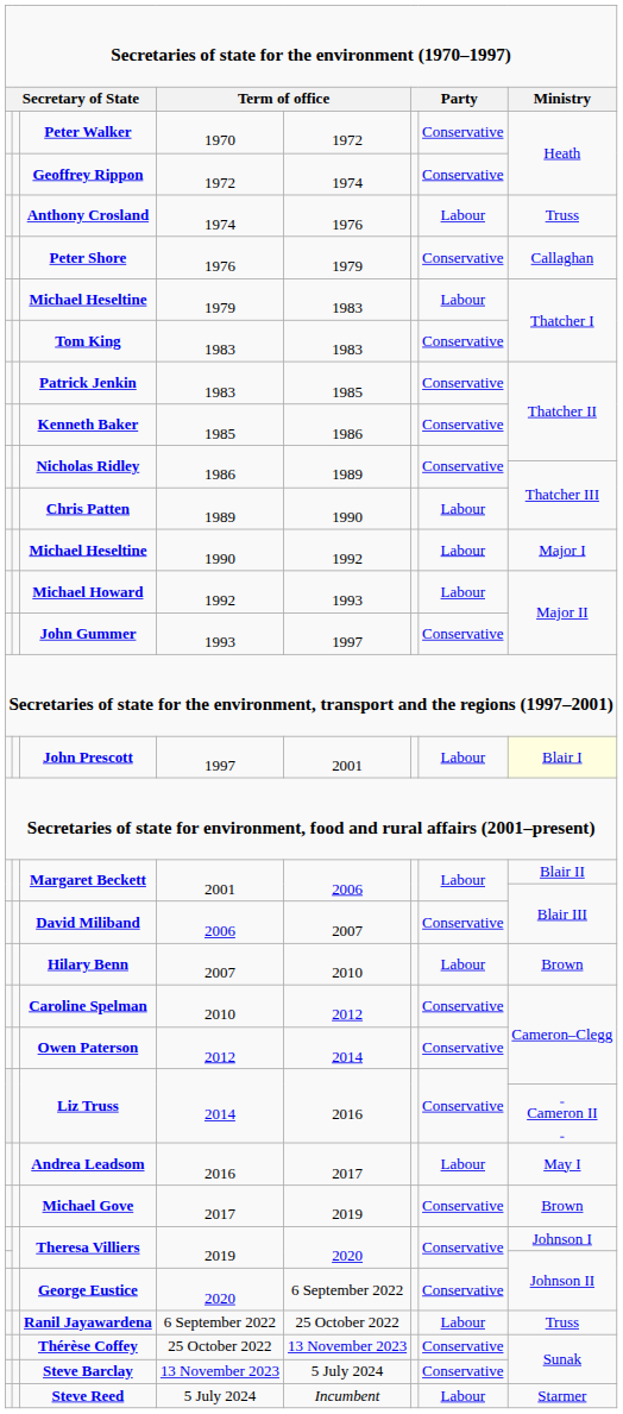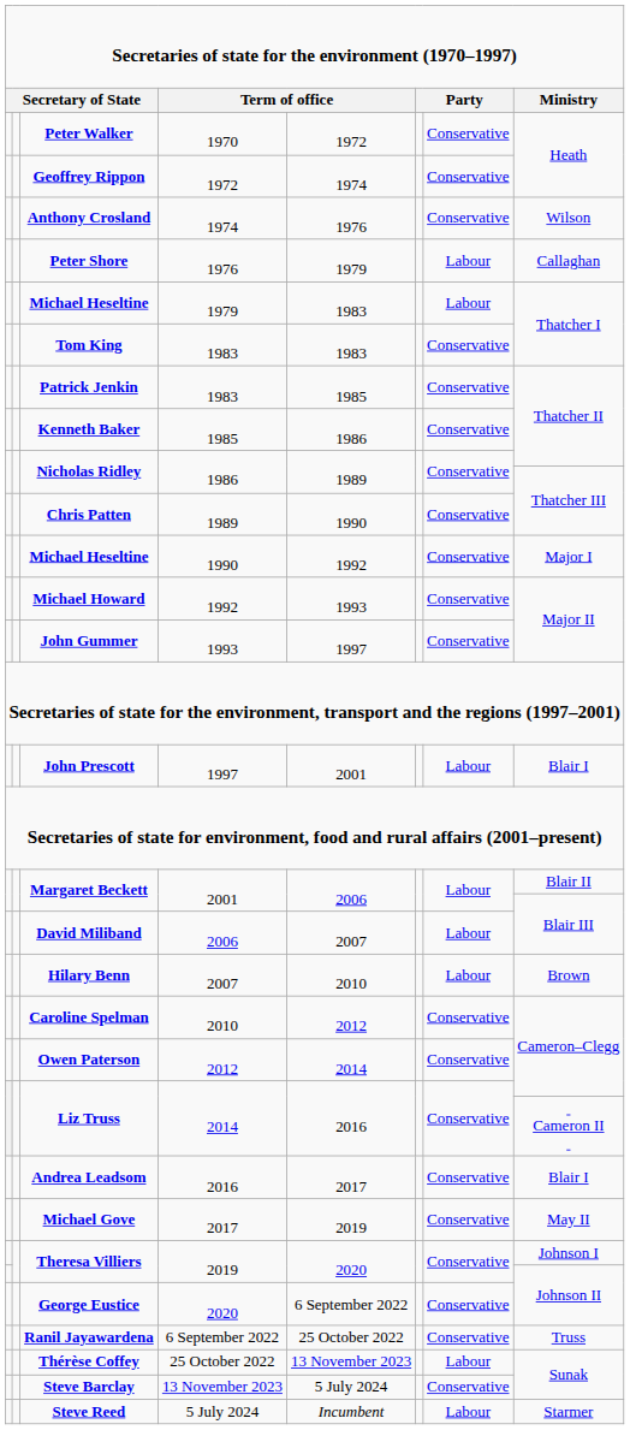 <table class="wikitable" style="text-align:center">
 <tr>
 <td colspan=9><br><h3>Secretaries of state for the environment (1970–1997)</h3></td>
 </tr>
 <tr>
 <th colspan=3>Secretary of State</th>
 <th colspan=2>Term of office</th>
 <th colspan=2>Party</th>
 <th>Ministry</th>
 </tr>
 <tr style="height:1em">
 <td style="background-color: "></td>
 <td></td>
 <td><a href='#'><strong>Peter Walker</strong></a><br></td>
 <td><br>1970</td>
 <td><br>1972</td>
 <td style="background-color: "></td>
 <td><a href='#'>Conservative</a></td>
 <td rowspan=2><a href='#'>Heath</a></td>
 </tr>
 <tr style="height:1em">
 <td style="background-color: "></td>
 <td></td>
 <td><strong><a href='#'>Geoffrey Rippon</a></strong><br></td>
 <td><br>1972</td>
 <td><br>1974</td>
 <td style="background-color: "></td>
 <td><a href='#'>Conservative</a></td>
 </tr>
 <tr style="height:1em">
 <td style="background-color: "></td>
 <td></td>
 <td><strong><a href='#'>Anthony Crosland</a></strong><br></td>
 <td><br>1974</td>
 <td><br>1976</td>
 <td style="background-color: "></td>
-<td><a href='#'>Labour</a></td>
-<td><a href='#'>Truss</a></td>
+<td><a href='#'>Conservative</a></td>
+<td><a href='#'>Wilson<br></a></td>
 </tr>
 <tr style="height:1em">
 <td style="background-color: "></td>
 <td></td>
 <td><strong><a href='#'>Peter Shore</a></strong><br></td>
 <td><br>1976</td>
 <td><br>1979</td>
 <td style="background-color: "></td>
-<td><a href='#'>Conservative</a></td>
+<td><a href='#'>Labour</a></td>
 <td><a href='#'>Callaghan</a></td>
 </tr>
 <tr style="height:1em">
 <td style="background-color: "></td>
 <td></td>
 <td><strong><a href='#'>Michael Heseltine</a></strong><br></td>
 <td><br>1979</td>
 <td><br>1983</td>
 <td style="background-color: "></td>
 <td><a href='#'>Labour</a></td>
 <td rowspan=2><a href='#'>Thatcher I</a></td>
 </tr>
 <tr style="height:1em">
 <td style="background-color: "></td>
 <td></td>
 <td><strong><a href='#'>Tom King</a></strong><br></td>
 <td><br>1983</td>
 <td><br>1983</td>
 <td style="background-color: "></td>
 <td><a href='#'>Conservative</a></td>
 </tr>
 <tr style="height:1em">
 <td style="background-color: "></td>
 <td></td>
 <td><strong><a href='#'>Patrick Jenkin</a></strong><br></td>
 <td><br>1983</td>
 <td><br>1985</td>
 <td style="background-color: "></td>
 <td><a href='#'>Conservative</a></td>
 <td rowspan=3><a href='#'>Thatcher II</a></td>
 </tr>
 <tr style="height:1em">
 <td style="background-color: "></td>
 <td></td>
 <td><strong><a href='#'>Kenneth Baker</a></strong><br></td>
 <td><br>1985</td>
 <td><br>1986</td>
 <td style="background-color: "></td>
 <td><a href='#'>Conservative</a></td>
 </tr>
 <tr style="height:1em">
 <td rowspan=2 style="background-color: "></td>
 <td rowspan=2></td>
 <td rowspan=2><strong><a href='#'>Nicholas Ridley</a></strong><br></td>
 <td rowspan=2><br>1986</td>
 <td rowspan=2><br>1989</td>
 <td rowspan=2 style="background-color: "></td>
 <td rowspan=2><a href='#'>Conservative</a></td>
 </tr>
 <tr style="height:1em">
 <td rowspan=2><a href='#'>Thatcher III</a></td>
 </tr>
 <tr style="height:1em">
 <td style="background-color: "></td>
 <td></td>
 <td><strong><a href='#'>Chris Patten</a></strong><br></td>
 <td><br>1989</td>
 <td><br>1990</td>
 <td style="background-color: "></td>
-<td><a href='#'>Labour</a></td>
+<td><a href='#'>Conservative</a></td>
 </tr>
 <tr style="height:1em">
 <td style="background-color: "></td>
 <td></td>
 <td><strong><a href='#'>Michael Heseltine</a></strong><br></td>
 <td><br>1990</td>
 <td><br>1992</td>
 <td style="background-color: "></td>
-<td><a href='#'>Labour</a></td>
+<td><a href='#'>Conservative</a></td>
 <td><a href='#'>Major I</a></td>
 </tr>
 <tr style="height:1em">
 <td style="background-color: "></td>
 <td></td>
 <td><strong><a href='#'>Michael Howard</a></strong><br></td>
 <td><br>1992</td>
 <td><br>1993</td>
 <td style="background-color: "></td>
-<td><a href='#'>Labour</a></td>
+<td><a href='#'>Conservative</a></td>
 <td rowspan=2><a href='#'>Major II</a></td>
 </tr>
 <tr style="height:1em">
 <td style="background-color: "></td>
 <td></td>
 <td><strong><a href='#'>John Gummer</a></strong><br></td>
 <td><br>1993</td>
 <td><br>1997</td>
 <td style="background-color: "></td>
 <td><a href='#'>Conservative</a></td>
 </tr>
 <tr>
 <td colspan=9><br><h3>Secretaries of state for the environment, transport and the regions (1997–2001)</h3></td>
 </tr>
 <tr style="height:1em">
 <td style="background-color: "></td>
 <td></td>
 <td><strong><a href='#'>John Prescott</a></strong><br></td>
 <td><br>1997</td>
 <td><br>2001</td>
 <td style="background-color: "></td>
 <td><a href='#'>Labour</a></td>
-<td style="background: lightyellow;"><a href='#'>Blair I</a></td>
+<td><a href='#'>Blair I</a></td>
 </tr>
 <tr>
 <td colspan=9><br><h3>Secretaries of state for environment, food and rural affairs (2001–present)</h3></td>
 </tr>
 <tr style="height:1em">
 <td rowspan=2 style="background-color: "></td>
 <td rowspan=2></td>
 <td rowspan=2><strong><a href='#'>Margaret Beckett</a></strong><br></td>
 <td rowspan=2><br>2001</td>
 <td rowspan=2><a href='#'><br>2006</a></td>
 <td rowspan=2 style="background-color: "></td>
 <td rowspan=2><a href='#'>Labour</a></td>
 <td><a href='#'>Blair II</a></td>
 </tr>
 <tr style="height:1em">
 <td rowspan=2><a href='#'>Blair III</a></td>
 </tr>
 <tr style="height:1em">
 <td style="background-color: "></td>
 <td></td>
 <td><strong><a href='#'>David Miliband</a></strong><br></td>
 <td><a href='#'><br>2006</a></td>
 <td><br>2007</td>
 <td style="background-color: "></td>
-<td><a href='#'>Conservative</a></td>
+<td><a href='#'>Labour</a></td>
 </tr>
 <tr style="height:1em">
 <td style="background-color: "></td>
 <td></td>
 <td><strong><a href='#'>Hilary Benn</a></strong><br></td>
 <td><br>2007</td>
 <td><br>2010</td>
 <td style="background-color: "></td>
 <td><a href='#'>Labour</a></td>
 <td><a href='#'>Brown</a></td>
 </tr>
 <tr style="height:1em">
 <td style="background-color: "></td>
 <td></td>
 <td><strong><a href='#'>Caroline Spelman</a></strong><br></td>
 <td><br>2010</td>
 <td><a href='#'><br>2012</a></td>
 <td style="background-color: "></td>
 <td><a href='#'>Conservative</a></td>
 <td rowspan=3><a href='#'>Cameron–Clegg</a><br></td>
 </tr>
 <tr style="height:1em">
 <td style="background-color: "></td>
 <td></td>
 <td><strong><a href='#'>Owen Paterson</a></strong><br></td>
 <td><a href='#'><br>2012</a></td>
 <td><a href='#'><br>2014</a></td>
 <td style="background-color: "></td>
 <td><a href='#'>Conservative</a></td>
 </tr>
 <tr style="height:1em">
 <th rowspan=2 style="background-color: "></th>
 <td rowspan=2></td>
 <td rowspan=2><strong><a href='#'>Liz Truss</a></strong><br></td>
 <td rowspan=2><a href='#'><br>2014</a></td>
 <td rowspan=2><br>2016</td>
 <td rowspan=2 style="background-color: "></td>
 <td rowspan=2><a href='#'>Conservative</a></td>
 </tr>
 <tr style="height:1em">
 <td><a href='#'> <br>Cameron II<br> </a></td>
 </tr>
 <tr style="height:1em">
 <td style="background-color: "></td>
 <td></td>
 <td><strong><a href='#'>Andrea Leadsom</a></strong><br></td>
 <td><br>2016</td>
 <td><br>2017</td>
 <td style="background-color: "></td>
-<td><a href='#'>Labour</a></td>
-<td><a href='#'>May I</a></td>
+<td><a href='#'>Conservative</a></td>
+<td><a href='#'>Blair I</a></td>
 </tr>
 <tr style="height:1em">
 <td style="background-color: "></td>
 <td></td>
 <td><strong><a href='#'>Michael Gove</a></strong><br></td>
 <td><br>2017</td>
 <td><br>2019</td>
 <td style="background-color: "></td>
 <td><a href='#'>Conservative</a></td>
-<td><a href='#'>Brown</a></td>
+<td><a href='#'>May II</a></td>
 </tr>
 <tr style="height:1em">
 <td style="background-color: "></td>
 <td rowspan=2></td>
 <td rowspan=2><strong><a href='#'>Theresa Villiers</a></strong><br></td>
 <td rowspan=2><br>2019</td>
 <td rowspan=2><a href='#'><br>2020</a></td>
 <td rowspan=2 style="background-color: "></td>
 <td rowspan=2><a href='#'>Conservative</a></td>
 <td><a href='#'>Johnson I</a></td>
 </tr>
 <tr style="height:1em">
 <td style="background-color:"></td>
 <td rowspan=2><a href='#'>Johnson II</a></td>
 </tr>
 <tr style="height:1em">
 <td style="background-color: "></td>
 <td></td>
 <td><strong><a href='#'>George Eustice</a></strong><br></td>
 <td><a href='#'><br>2020</a></td>
 <td>6 September 2022</td>
 <td style="background-color: "></td>
 <td><a href='#'>Conservative</a></td>
 </tr>
 <tr style="height:1em">
 <td style="background-color: "></td>
 <td></td>
 <td><strong><a href='#'>Ranil Jayawardena</a></strong><br></td>
 <td>6 September 2022</td>
 <td>25 October 2022</td>
 <td style="background-color: "></td>
-<td><a href='#'>Labour</a></td>
+<td><a href='#'>Conservative</a></td>
 <td><a href='#'>Truss</a></td>
 </tr>
 <tr style="height:1em">
 <td style="background-color: "></td>
 <td></td>
 <td><strong><a href='#'>Thérèse Coffey</a></strong><br></td>
 <td>25 October 2022</td>
 <td><a href='#'>13 November 2023</a></td>
 <td style="background-color: "></td>
-<td><a href='#'>Conservative</a></td>
+<td><a href='#'>Labour</a></td>
 <td rowspan="2"><a href='#'>Sunak</a></td>
 </tr>
 <tr style="height:1em">
 <td style="background-color: "></td>
 <td></td>
 <td><strong><a href='#'>Steve Barclay</a></strong><br></td>
 <td><a href='#'>13 November 2023</a></td>
 <td>5 July 2024</td>
 <td style="background-color: "></td>
 <td><a href='#'>Conservative</a></td>
 </tr>
 <tr style="height:1em">
 <td style="background-color: "></td>
 <td></td>
 <td><strong><a href='#'>Steve Reed</a></strong><br></td>
 <td>5 July 2024</td>
 <td><em>Incumbent</em></td>
 <td style="background-color: "></td>
 <td><a href='#'>Labour</a></td>
 <td rowspan="2"><a href='#'>Starmer</a></td>
 </tr>
 </table>
